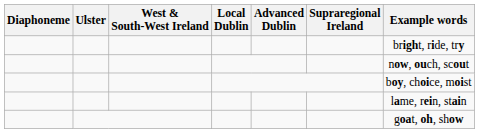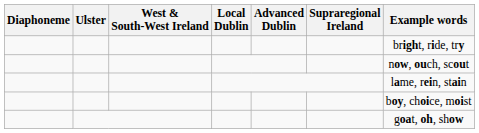 <table class="wikitable" style="text-align:center">
 <tr>
 <th><strong>Diaphoneme</strong></th>
 <th><strong>Ulster</strong></th>
 <th><strong>West & <br>South-West Ireland</strong></th>
 <th><strong>Local <br>Dublin</strong></th>
 <th><strong>Advanced<br>Dublin</strong></th>
 <th><strong>Supraregional <br>Ireland</strong></th>
 <th><strong>Example words</strong></th>
 </tr>
 <tr>
 <td></td>
 <td></td>
 <td></td>
 <td></td>
 <td></td>
 <td></td>
 <td>br<strong>igh</strong>t, r<strong>i</strong>de, tr<strong>y</strong></td>
 </tr>
 <tr>
 <td></td>
 <td></td>
 <td></td>
 <td colspan="2"></td>
 <td></td>
 <td>n<strong>ow</strong>, <strong>ou</strong>ch, sc<strong>ou</strong>t</td>
 </tr>
 <tr>
 <td></td>
 <td></td>
 <td></td>
 <td colspan="3"></td>
-<td>b<strong>oy</strong>, ch<strong>oi</strong>ce, m<strong>oi</strong>st</td>
+<td>l<strong>a</strong>me, r<strong>ei</strong>n, st<strong>ai</strong>n</td>
 </tr>
 <tr>
 <td></td>
 <td></td>
 <td></td>
 <td></td>
 <td></td>
 <td></td>
-<td>l<strong>a</strong>me, r<strong>ei</strong>n, st<strong>ai</strong>n</td>
+<td>b<strong>oy</strong>, ch<strong>oi</strong>ce, m<strong>oi</strong>st</td>
 </tr>
 <tr>
 <td></td>
 <td colspan="2"></td>
 <td></td>
 <td></td>
 <td></td>
 <td>g<strong>oa</strong>t, <strong>oh</strong>, sh<strong>ow</strong></td>
 </tr>
 </table>
